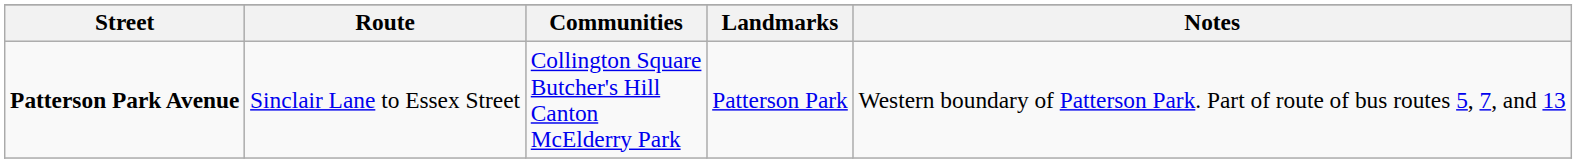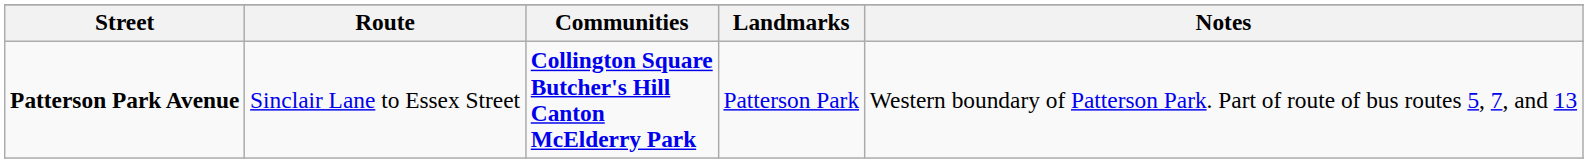 <table class="wikitable">
 <tr style="background-color:#DDDDDD;text-align:center;">
 </tr>
 <tr>
 <th>Street</th>
 <th>Route</th>
 <th>Communities</th>
 <th>Landmarks</th>
 <th>Notes</th>
 </tr>
 <tr>
 <td><strong>Patterson Park Avenue</strong></td>
 <td><a href='#'>Sinclair Lane</a> to Essex Street</td>
-<td><a href='#'>Collington Square</a><br><a href='#'>Butcher's Hill</a><br><a href='#'>Canton</a><br><a href='#'>McElderry Park</a></td>
+<td><strong><a href='#'>Collington Square</a><br><a href='#'>Butcher's Hill</a><br><a href='#'>Canton</a><br><a href='#'>McElderry Park</a></strong></td>
 <td><a href='#'>Patterson Park</a></td>
 <td>Western boundary of <a href='#'>Patterson Park</a>. Part of route of bus routes <a href='#'>5</a>, <a href='#'>7</a>, and <a href='#'>13</a></td>
 </tr>
 </table>
